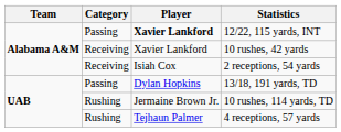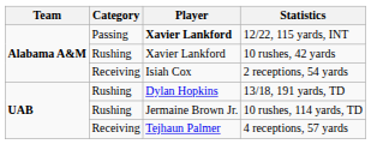 <table class="wikitable" style="float: left;">
 <tr>
 <th>Team</th>
 <th>Category</th>
 <th>Player</th>
 <th>Statistics</th>
 </tr>
 <tr>
 <td rowspan=3><strong>Alabama A&M</strong></td>
 <td>Passing</td>
 <td><strong>Xavier Lankford</strong></td>
 <td>12/22, 115 yards, INT</td>
 </tr>
 <tr>
-<td>Receiving</td>
+<td>Rushing</td>
 <td>Xavier Lankford</td>
 <td>10 rushes, 42 yards</td>
 </tr>
 <tr>
 <td>Receiving</td>
 <td>Isiah Cox</td>
 <td>2 receptions, 54 yards</td>
 </tr>
 <tr>
 <td rowspan=3><strong>UAB</strong></td>
-<td>Passing</td>
+<td>Rushing</td>
 <td><a href='#'>Dylan Hopkins</a></td>
 <td>13/18, 191 yards, TD</td>
 </tr>
 <tr>
 <td>Rushing</td>
 <td>Jermaine Brown Jr.</td>
 <td>10 rushes, 114 yards, TD</td>
 </tr>
 <tr>
-<td>Rushing</td>
+<td>Receiving</td>
 <td><a href='#'>Tejhaun Palmer</a></td>
 <td>4 receptions, 57 yards</td>
 </tr>
 </table>
